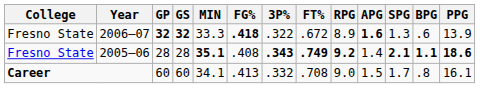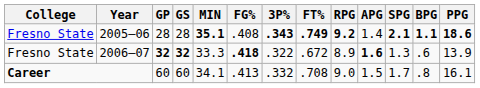 <table class="wikitable">
 <tr>
 <th>College</th>
 <th>Year</th>
 <th>GP</th>
 <th>GS</th>
 <th>MIN</th>
 <th>FG%</th>
 <th>3P%</th>
 <th>FT%</th>
 <th>RPG</th>
 <th>APG</th>
 <th>SPG</th>
 <th>BPG</th>
 <th>PPG</th>
 </tr>
 <tr>
+<td><a href='#'>Fresno State</a></td>
+<td>2005–06</td>
+<td>28</td>
+<td>28</td>
+<td><strong>35.1</strong></td>
+<td>.408</td>
+<td><strong>.343</strong></td>
+<td><strong>.749</strong></td>
+<td><strong>9.2</strong></td>
+<td>1.4</td>
+<td><strong>2.1</strong></td>
+<td><strong>1.1</strong></td>
+<td><strong>18.6</strong></td>
+</tr>
+<tr>
 <td>Fresno State</td>
 <td>2006–07</td>
 <td><strong>32</strong></td>
 <td><strong>32</strong></td>
 <td>33.3</td>
 <td><strong>.418</strong></td>
 <td>.322</td>
 <td>.672</td>
 <td>8.9</td>
 <td><strong>1.6</strong></td>
 <td>1.3</td>
 <td>.6</td>
 <td>13.9</td>
-</tr>
-<tr>
-<td><a href='#'>Fresno State</a></td>
-<td>2005–06</td>
-<td>28</td>
-<td>28</td>
-<td><strong>35.1</strong></td>
-<td>.408</td>
-<td><strong>.343</strong></td>
-<td><strong>.749</strong></td>
-<td><strong>9.2</strong></td>
-<td>1.4</td>
-<td><strong>2.1</strong></td>
-<td><strong>1.1</strong></td>
-<td><strong>18.6</strong></td>
 </tr>
 <tr class="sortbottom">
 <td align="left" colspan="2"><strong>Career</strong></td>
 <td>60</td>
 <td>60</td>
 <td>34.1</td>
 <td>.413</td>
 <td>.332</td>
 <td>.708</td>
 <td>9.0</td>
 <td>1.5</td>
 <td>1.7</td>
 <td>.8</td>
 <td>16.1</td>
 </tr>
 </table>
